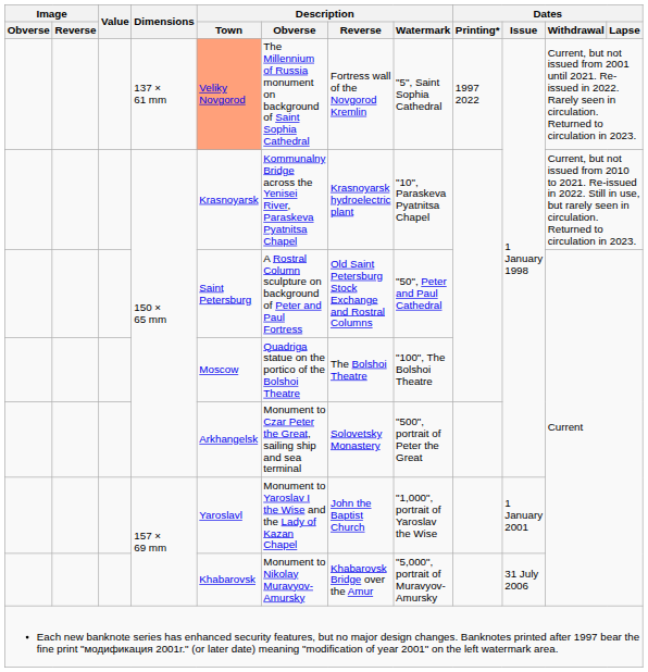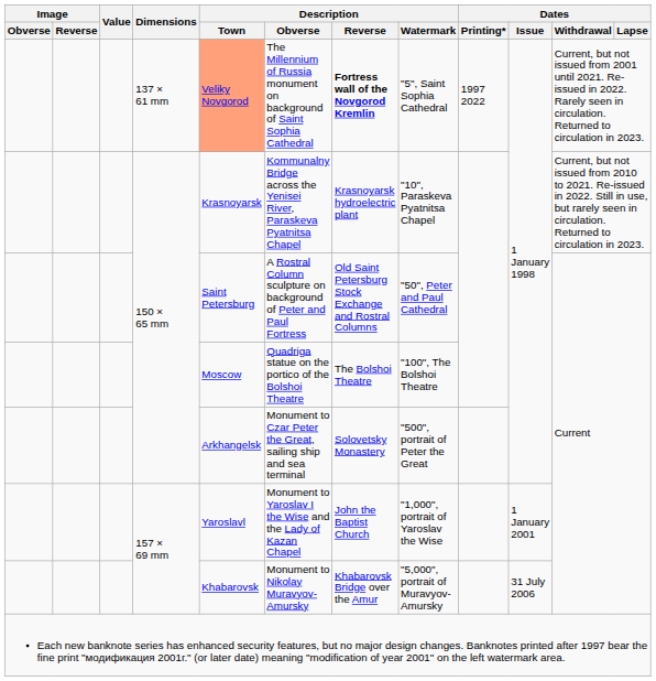 <table class="wikitable" style="font-size: 90%">
 <tr>
 <th colspan="2">Image</th>
 <th rowspan="2">Value</th>
 <th rowspan="2">Dimensions</th>
 <th colspan="4">Description</th>
 <th colspan="4">Dates</th>
 </tr>
 <tr>
 <th>Obverse</th>
 <th>Reverse</th>
 <th>Town</th>
 <th>Obverse</th>
 <th>Reverse</th>
 <th>Watermark</th>
 <th>Printing*</th>
 <th>Issue</th>
 <th>Withdrawal</th>
 <th>Lapse</th>
 </tr>
 <tr>
 <td style="text-align:center;"></td>
 <td style="text-align:center;"></td>
 <td style="white-space: nowrap;"><a href='#'></a></td>
 <td>137 × 61 mm</td>
 <td style="background: lightsalmon;"><a href='#'>Veliky Novgorod</a></td>
 <td>The <a href='#'>Millennium of Russia</a> monument on background of <a href='#'>Saint Sophia Cathedral</a></td>
-<td>Fortress wall of the <a href='#'>Novgorod Kremlin</a></td>
+<td><strong>Fortress wall of the <a href='#'>Novgorod Kremlin</a></strong></td>
 <td>"5", Saint Sophia Cathedral</td>
 <td>1997<br>2022</td>
 <td rowspan="5">1 January 1998</td>
 <td colspan="2">Current, but not issued from 2001 until 2021. Re-issued in 2022. Rarely seen in circulation. Returned to circulation in 2023.</td>
 </tr>
 <tr>
 <td style="text-align:center;"></td>
 <td style="text-align:center;"></td>
 <td style="white-space: nowrap;"><a href='#'></a></td>
 <td rowspan="4">150 × 65 mm</td>
 <td><a href='#'>Krasnoyarsk</a></td>
 <td><a href='#'>Kommunalny Bridge</a> across the <a href='#'>Yenisei River</a>, <a href='#'>Paraskeva Pyatnitsa Chapel</a></td>
 <td><a href='#'>Krasnoyarsk hydroelectric plant</a></td>
 <td>"10", Paraskeva Pyatnitsa Chapel</td>
 <td rowspan="3"></td>
 <td colspan="2">Current, but not issued from 2010 to 2021. Re-issued in 2022. Still in use, but rarely seen in circulation. Returned to circulation in 2023.</td>
 </tr>
 <tr>
 <td style="text-align:center;"></td>
 <td style="text-align:center;"></td>
 <td style="white-space: nowrap;"></td>
 <td><a href='#'>Saint Petersburg</a></td>
 <td>A <a href='#'>Rostral Column</a> sculpture on background of <a href='#'>Peter and Paul Fortress</a></td>
 <td><a href='#'>Old Saint Petersburg Stock Exchange and Rostral Columns</a></td>
 <td>"50", <a href='#'>Peter and Paul Cathedral</a></td>
 <td colspan="2" rowspan="5">Current</td>
 </tr>
 <tr>
 <td style="text-align:center;"></td>
 <td style="text-align:center;"></td>
 <td style="white-space: nowrap;"></td>
 <td><a href='#'>Moscow</a></td>
 <td><a href='#'>Quadriga</a> statue on the portico of the <a href='#'>Bolshoi Theatre</a></td>
 <td>The <a href='#'>Bolshoi Theatre</a></td>
 <td>"100", The Bolshoi Theatre</td>
 </tr>
 <tr>
 <td style="text-align:center;"></td>
 <td style="text-align:center;"></td>
 <td style="white-space: nowrap;"></td>
 <td><a href='#'>Arkhangelsk</a></td>
 <td>Monument to <a href='#'>Czar Peter the Great</a>, sailing ship and sea terminal</td>
 <td><a href='#'>Solovetsky Monastery</a></td>
 <td>"500", portrait of Peter the Great</td>
 <td></td>
 </tr>
 <tr>
 <td style="text-align:center;"></td>
 <td style="text-align:center;"></td>
 <td style="white-space: nowrap;"></td>
 <td rowspan="2">157 × 69 mm</td>
 <td><a href='#'>Yaroslavl</a></td>
 <td>Monument to <a href='#'>Yaroslav I the Wise</a> and the <a href='#'>Lady of Kazan Chapel</a></td>
 <td><a href='#'>John the Baptist Church</a></td>
 <td>"1,000", portrait of Yaroslav the Wise</td>
 <td></td>
 <td>1 January 2001</td>
 </tr>
 <tr>
 <td style="text-align:center;"></td>
 <td style="text-align:center;"></td>
 <td style="white-space: nowrap;"></td>
 <td><a href='#'>Khabarovsk</a></td>
 <td>Monument to <a href='#'>Nikolay Muravyov-Amursky</a></td>
 <td><a href='#'>Khabarovsk Bridge</a> over the <a href='#'>Amur</a></td>
 <td>"5,000", portrait of Muravyov-Amursky</td>
 <td></td>
 <td>31 July 2006</td>
 </tr>
 <tr>
 <td colspan="12"><br><ul><li>Each new banknote series has enhanced security features, but no major design changes. Banknotes printed after 1997 bear the fine print "модификация 2001г." (or later date) meaning "modification of year 2001" on the left watermark area.</li></ul></td>
 </tr>
 </table>
